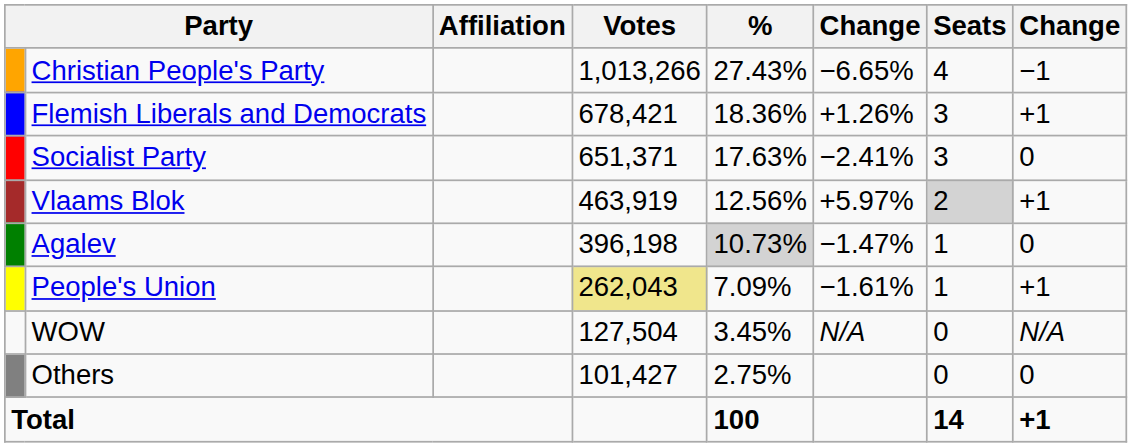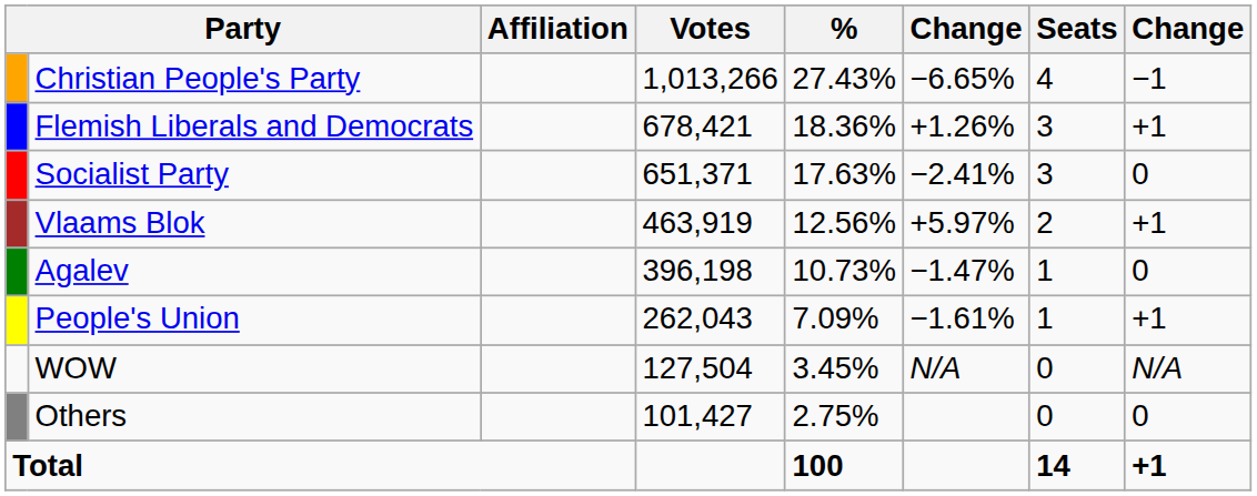 <table class="wikitable">
 <tr>
 <th colspan="2">Party</th>
 <th>Affiliation</th>
 <th>Votes</th>
 <th>%</th>
 <th>Change</th>
 <th>Seats</th>
 <th>Change</th>
 </tr>
 <tr>
 <td style="background-color:orange"> </td>
 <td style="text-align: left"><a href='#'>Christian People's Party</a></td>
 <td></td>
 <td>1,013,266</td>
 <td>27.43%</td>
 <td>−6.65%</td>
 <td>4</td>
 <td>−1</td>
 </tr>
 <tr>
 <td style="background-color:blue"> </td>
 <td style="text-align: left"><a href='#'>Flemish Liberals and Democrats</a></td>
 <td></td>
 <td>678,421</td>
 <td>18.36%</td>
 <td>+1.26%</td>
 <td>3</td>
 <td>+1</td>
 </tr>
 <tr>
 <td style="background-color:red"> </td>
 <td style="text-align: left"><a href='#'>Socialist Party</a></td>
 <td></td>
 <td>651,371</td>
 <td>17.63%</td>
 <td>−2.41%</td>
 <td>3</td>
 <td>0</td>
 </tr>
 <tr>
 <td style="background-color:brown"> </td>
 <td style="text-align: left"><a href='#'>Vlaams Blok</a></td>
 <td></td>
 <td>463,919</td>
 <td>12.56%</td>
 <td>+5.97%</td>
-<td style="background: lightgrey;">2</td>
+<td>2</td>
 <td>+1</td>
 </tr>
 <tr>
 <td style="background-color:green"> </td>
 <td style="text-align: left"><a href='#'>Agalev</a></td>
 <td></td>
 <td>396,198</td>
-<td style="background: lightgrey;">10.73%</td>
+<td>10.73%</td>
 <td>−1.47%</td>
 <td>1</td>
 <td>0</td>
 </tr>
 <tr>
 <td style="background-color:yellow"> </td>
 <td style="text-align: left"><a href='#'>People's Union</a></td>
 <td></td>
-<td style="background: khaki;">262,043</td>
+<td>262,043</td>
 <td>7.09%</td>
 <td>−1.61%</td>
 <td>1</td>
 <td>+1</td>
 </tr>
 <tr>
 <td> </td>
 <td style="text-align: left">WOW</td>
 <td></td>
 <td>127,504</td>
 <td>3.45%</td>
 <td><em>N/A</em></td>
 <td>0</td>
 <td><em>N/A</em></td>
 </tr>
 <tr>
 <td style="background-color:grey"> </td>
 <td style="text-align: left">Others</td>
 <td></td>
 <td>101,427</td>
 <td>2.75%</td>
 <td></td>
 <td>0</td>
 <td>0</td>
 </tr>
 <tr>
 <td colspan="3"><strong>Total</strong></td>
 <td></td>
 <td><strong>100</strong></td>
 <td></td>
 <td><strong>14</strong></td>
 <td><strong>+1</strong></td>
 </tr>
 </table>
